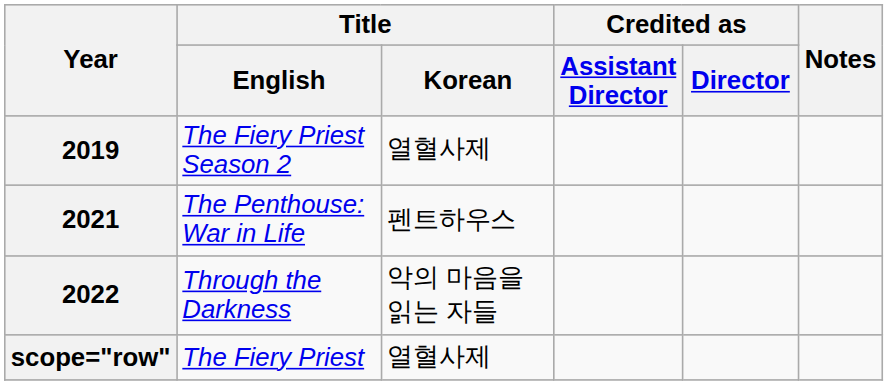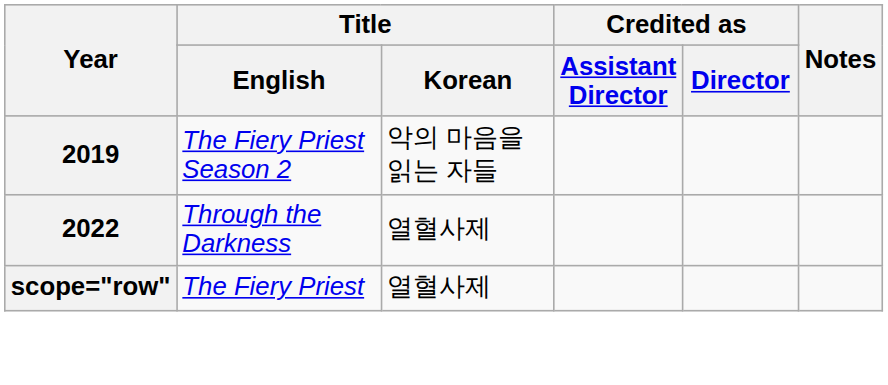 <table class="wikitable sortable plainrowheaders">
 <tr>
 <th rowspan="2" style="width:33px;">Year</th>
 <th colspan="2">Title</th>
 <th colspan="2">Credited as</th>
 <th rowspan="2" class="unsortable">Notes</th>
 </tr>
 <tr>
 <th width="120">English</th>
 <th width="100">Korean</th>
 <th width="65" class="unsortable"><a href='#'>Assistant Director</a></th>
 <th width="65" class="unsortable"><a href='#'>Director</a></th>
 </tr>
 <tr>
 <th scope="row">2019</th>
 <td><em><a href='#'>The Fiery Priest Season 2</a></em></td>
-<td>열혈사제</td>
-<td></td>
-<td></td>
-<td></td>
-</tr>
-<tr>
-<th scope="row">2021</th>
-<td><em><a href='#'>The Penthouse: War in Life</a></em></td>
-<td>펜트하우스</td>
+<td>악의 마음을 읽는 자들</td>
 <td></td>
 <td></td>
 <td></td>
 </tr>
 <tr>
 <th scope="row">2022</th>
 <td><em><a href='#'>Through the Darkness</a></em></td>
-<td>악의 마음을 읽는 자들</td>
+<td>열혈사제</td>
 <td></td>
 <td></td>
 <td></td>
 </tr>
 <tr>
 <th>scope="row" </th>
 <td><em><a href='#'>The Fiery Priest</a></em></td>
 <td>열혈사제</td>
 <td></td>
 <td></td>
 <td></td>
 </tr>
 </table>
